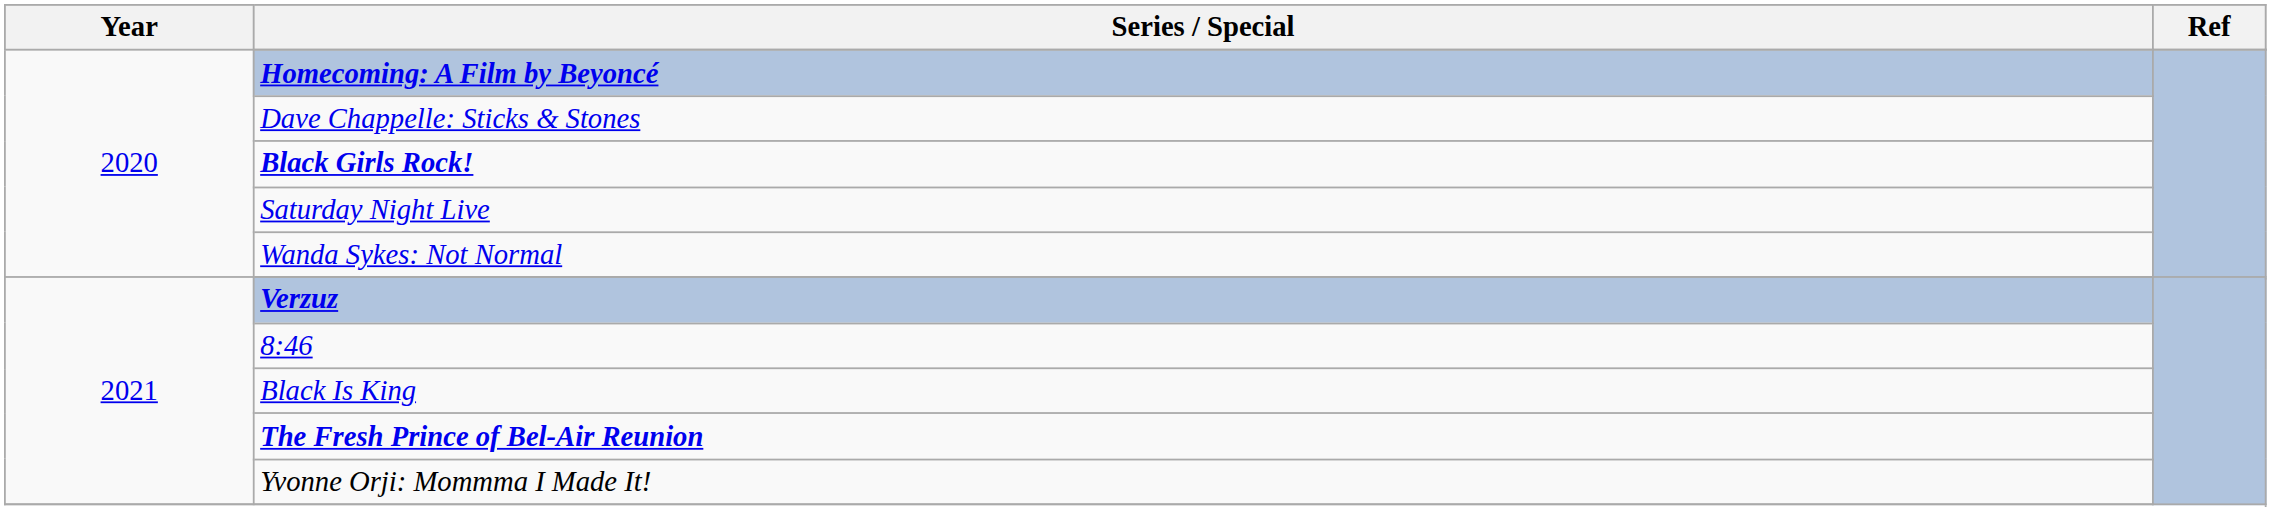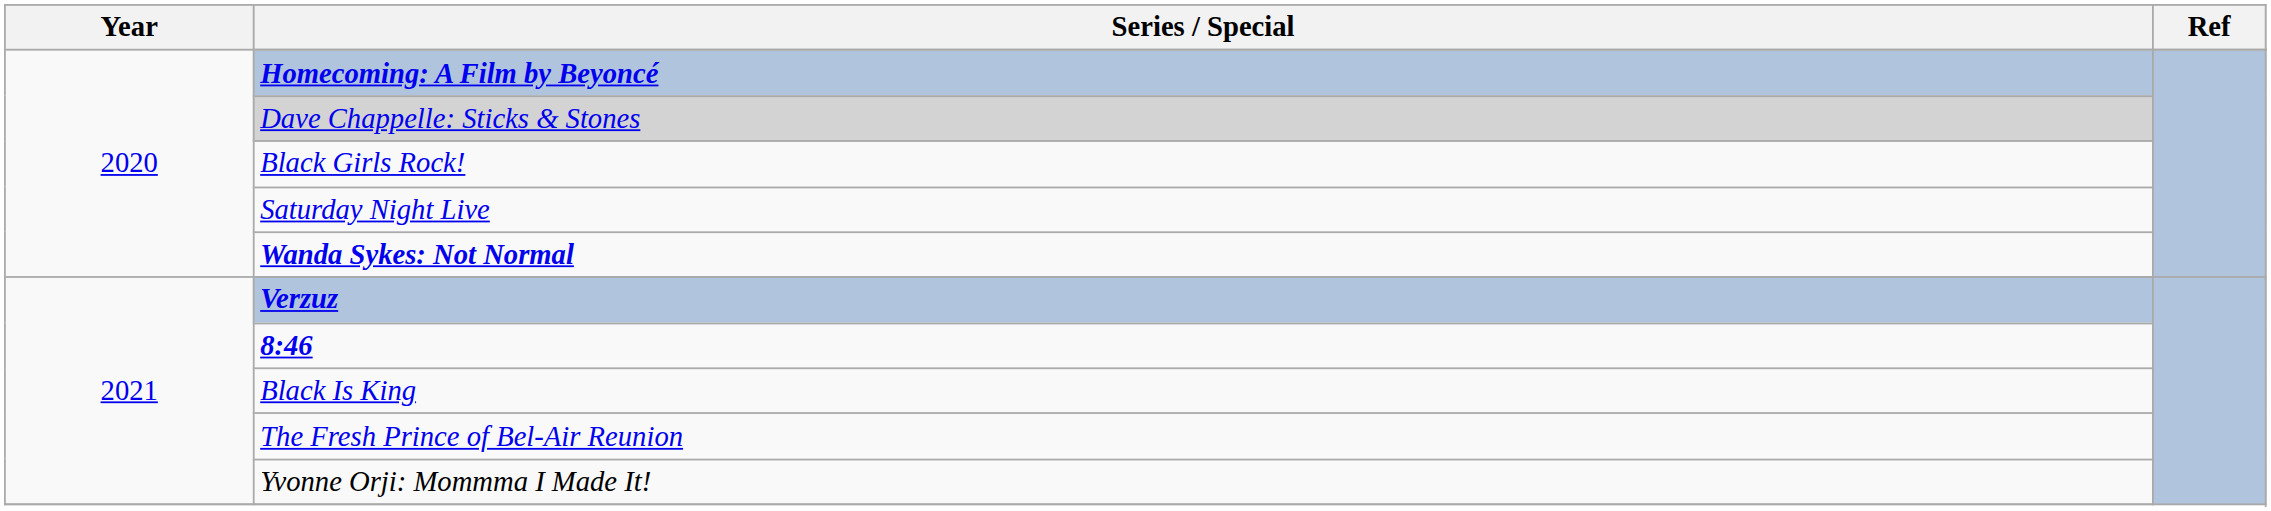 <table class="wikitable" style="width:100%;">
 <tr style="background:#bebebe;">
 <th style="width:11%;">Year</th>
 <th style="width:84%;">Series / Special</th>
 <th style="width:5%;">Ref</th>
 </tr>
 <tr>
 <td rowspan="6" align="center"><a href='#'>2020</a></td>
 </tr>
 <tr style="background:#B0C4DE">
 <td><strong><em><a href='#'>Homecoming: A Film by Beyoncé</a></em></strong></td>
 <td rowspan="6" align="center"></td>
 </tr>
 <tr>
-<td><em><a href='#'>Dave Chappelle: Sticks & Stones</a></em></td>
+<td style="background: lightgrey;"><em><a href='#'>Dave Chappelle: Sticks & Stones</a></em></td>
 </tr>
 <tr>
-<td><strong><em><a href='#'>Black Girls Rock!</a></em></strong></td>
+<td><em><a href='#'>Black Girls Rock!</a></em></td>
 </tr>
 <tr>
 <td><em><a href='#'>Saturday Night Live</a></em></td>
 </tr>
 <tr>
-<td><em><a href='#'>Wanda Sykes: Not Normal</a></em></td>
+<td><strong><em><a href='#'>Wanda Sykes: Not Normal</a></em></strong></td>
 </tr>
 <tr>
 <td rowspan="6" align="center"><a href='#'>2021</a></td>
 </tr>
 <tr style="background:#B0C4DE">
 <td><strong><em><a href='#'>Verzuz</a></em></strong></td>
 <td rowspan="6" align="center"></td>
 </tr>
 <tr>
-<td><em><a href='#'>8:46</a></em></td>
+<td><strong><em><a href='#'>8:46</a></em></strong></td>
 </tr>
 <tr>
 <td><em><a href='#'>Black Is King</a></em></td>
 </tr>
 <tr>
-<td><strong><em><a href='#'>The Fresh Prince of Bel-Air Reunion</a></em></strong></td>
+<td><em><a href='#'>The Fresh Prince of Bel-Air Reunion</a></em></td>
 </tr>
 <tr>
 <td><em>Yvonne Orji: Mommma I Made It!</em></td>
 </tr>
 <tr>
 </tr>
 </table>
